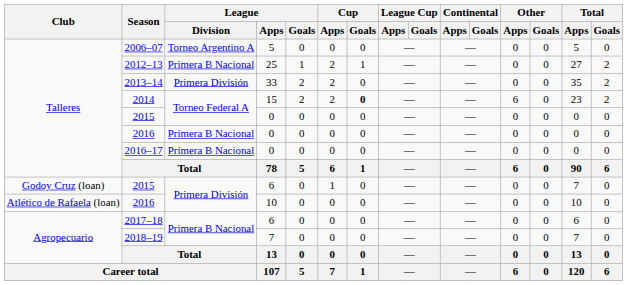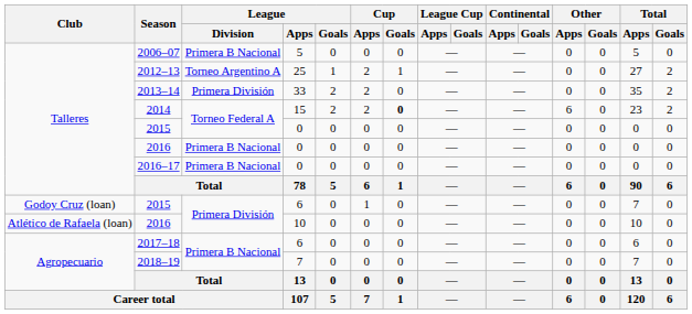 <table class="wikitable" style="text-align:center">
 <tr>
 <th rowspan="2">Club</th>
 <th rowspan="2">Season</th>
 <th colspan="3">League</th>
 <th colspan="2">Cup</th>
 <th colspan="2">League Cup</th>
 <th colspan="2">Continental</th>
 <th colspan="2">Other</th>
 <th colspan="2">Total</th>
 </tr>
 <tr>
 <th>Division</th>
 <th>Apps</th>
 <th>Goals</th>
 <th>Apps</th>
 <th>Goals</th>
 <th>Apps</th>
 <th>Goals</th>
 <th>Apps</th>
 <th>Goals</th>
 <th>Apps</th>
 <th>Goals</th>
 <th>Apps</th>
 <th>Goals</th>
 </tr>
 <tr>
 <td rowspan="8"><a href='#'>Talleres</a></td>
 <td><a href='#'>2006–07</a></td>
-<td rowspan="1"><a href='#'>Torneo Argentino A</a></td>
+<td rowspan="1"><a href='#'>Primera B Nacional</a></td>
 <td>5</td>
 <td>0</td>
 <td>0</td>
 <td>0</td>
 <td colspan="2">—</td>
 <td colspan="2">—</td>
 <td>0</td>
 <td>0</td>
 <td>5</td>
 <td>0</td>
 </tr>
 <tr>
 <td><a href='#'>2012–13</a></td>
-<td rowspan="1"><a href='#'>Primera B Nacional</a></td>
+<td rowspan="1"><a href='#'>Torneo Argentino A</a></td>
 <td>25</td>
 <td>1</td>
 <td>2</td>
 <td>1</td>
 <td colspan="2">—</td>
 <td colspan="2">—</td>
 <td>0</td>
 <td>0</td>
 <td>27</td>
 <td>2</td>
 </tr>
 <tr>
 <td><a href='#'>2013–14</a></td>
 <td rowspan="1"><a href='#'>Primera División</a></td>
 <td>33</td>
 <td>2</td>
 <td>2</td>
 <td>0</td>
 <td colspan="2">—</td>
 <td colspan="2">—</td>
 <td>0</td>
 <td>0</td>
 <td>35</td>
 <td>2</td>
 </tr>
 <tr>
 <td><a href='#'>2014</a></td>
 <td rowspan="2"><a href='#'>Torneo Federal A</a></td>
 <td>15</td>
 <td>2</td>
 <td>2</td>
 <td><strong>0</strong></td>
 <td colspan="2">—</td>
 <td colspan="2">—</td>
 <td>6</td>
 <td>0</td>
 <td>23</td>
 <td>2</td>
 </tr>
 <tr>
 <td><a href='#'>2015</a></td>
 <td>0</td>
 <td>0</td>
 <td>0</td>
 <td>0</td>
 <td colspan="2">—</td>
 <td colspan="2">—</td>
 <td>0</td>
 <td>0</td>
 <td>0</td>
 <td>0</td>
 </tr>
 <tr>
 <td><a href='#'>2016</a></td>
 <td rowspan="1"><a href='#'>Primera B Nacional</a></td>
 <td>0</td>
 <td>0</td>
 <td>0</td>
 <td>0</td>
 <td colspan="2">—</td>
 <td colspan="2">—</td>
 <td>0</td>
 <td>0</td>
 <td>0</td>
 <td>0</td>
 </tr>
 <tr>
 <td><a href='#'>2016–17</a></td>
 <td rowspan="1"><a href='#'>Primera B Nacional</a></td>
 <td>0</td>
 <td>0</td>
 <td>0</td>
 <td>0</td>
 <td colspan="2">—</td>
 <td colspan="2">—</td>
 <td>0</td>
 <td>0</td>
 <td>0</td>
 <td>0</td>
 </tr>
 <tr>
 <th colspan="2">Total</th>
 <th>78</th>
 <th>5</th>
 <th>6</th>
 <th>1</th>
 <th colspan="2">—</th>
 <th colspan="2">—</th>
 <th>6</th>
 <th>0</th>
 <th>90</th>
 <th>6</th>
 </tr>
 <tr>
 <td rowspan="1"><a href='#'>Godoy Cruz</a> (loan)</td>
 <td><a href='#'>2015</a></td>
 <td rowspan="2"><a href='#'>Primera División</a></td>
 <td>6</td>
 <td>0</td>
 <td>1</td>
 <td>0</td>
 <td colspan="2">—</td>
 <td colspan="2">—</td>
 <td>0</td>
 <td>0</td>
 <td>7</td>
 <td>0</td>
 </tr>
 <tr>
 <td rowspan="1"><a href='#'>Atlético de Rafaela</a> (loan)</td>
 <td><a href='#'>2016</a></td>
 <td>10</td>
 <td>0</td>
 <td>0</td>
 <td>0</td>
 <td colspan="2">—</td>
 <td colspan="2">—</td>
 <td>0</td>
 <td>0</td>
 <td>10</td>
 <td>0</td>
 </tr>
 <tr>
 <td rowspan="3"><a href='#'>Agropecuario</a></td>
 <td><a href='#'>2017–18</a></td>
 <td rowspan="2"><a href='#'>Primera B Nacional</a></td>
 <td>6</td>
 <td>0</td>
 <td>0</td>
 <td>0</td>
 <td colspan="2">—</td>
 <td colspan="2">—</td>
 <td>0</td>
 <td>0</td>
 <td>6</td>
 <td>0</td>
 </tr>
 <tr>
 <td><a href='#'>2018–19</a></td>
 <td>7</td>
 <td>0</td>
 <td>0</td>
 <td>0</td>
 <td colspan="2">—</td>
 <td colspan="2">—</td>
 <td>0</td>
 <td>0</td>
 <td>7</td>
 <td>0</td>
 </tr>
 <tr>
 <th colspan="2">Total</th>
 <th>13</th>
 <th>0</th>
 <th>0</th>
 <th>0</th>
 <th colspan="2">—</th>
 <th colspan="2">—</th>
 <th>0</th>
 <th>0</th>
 <th>13</th>
 <th>0</th>
 </tr>
 <tr>
 <th colspan="3">Career total</th>
 <th>107</th>
 <th>5</th>
 <th>7</th>
 <th>1</th>
 <th colspan="2">—</th>
 <th colspan="2">—</th>
 <th>6</th>
 <th>0</th>
 <th>120</th>
 <th>6</th>
 </tr>
 </table>
